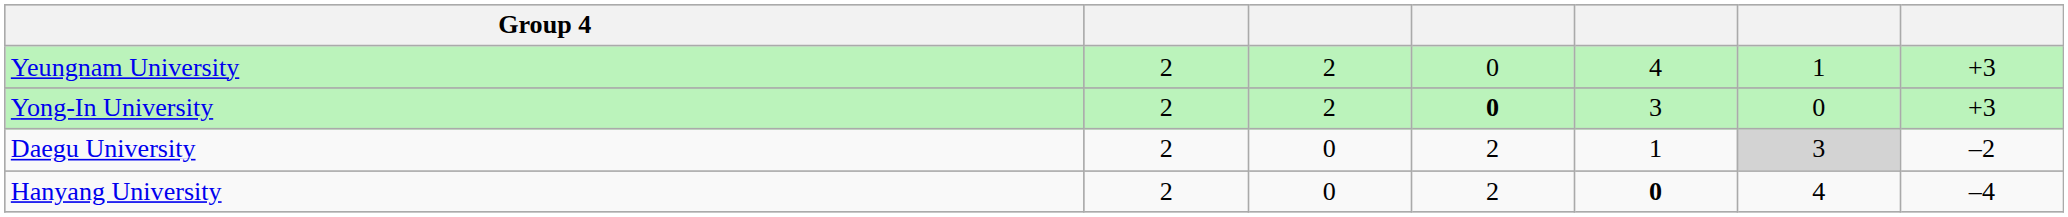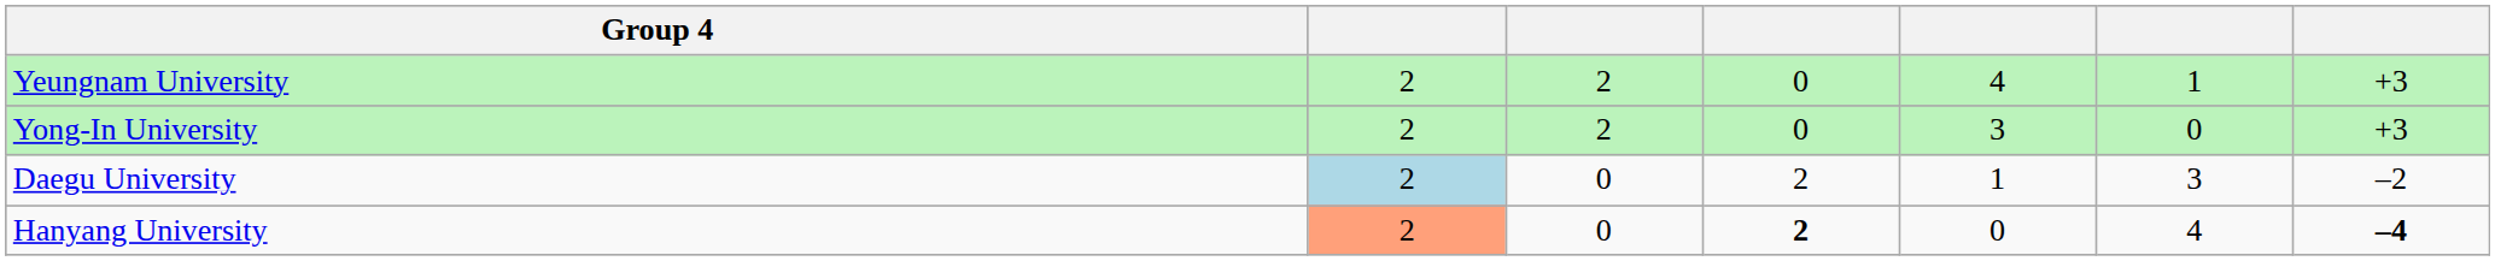 <table class="wikitable" style="text-align:center; width:100%;">
 <tr>
 <th width=240>Group 4</th>
 <th width=30></th>
 <th width=30></th>
 <th width=30></th>
 <th width=30></th>
 <th width=30></th>
 <th width=30></th>
 </tr>
 <tr bgcolor=#BBF3BB>
 <td align=left><a href='#'>Yeungnam University</a></td>
 <td>2</td>
 <td>2</td>
 <td>0</td>
 <td>4</td>
 <td>1</td>
 <td>+3</td>
 </tr>
 <tr bgcolor=#BBF3BB>
 <td align=left><a href='#'>Yong-In University</a></td>
 <td>2</td>
 <td>2</td>
-<td><strong>0</strong></td>
+<td>0</td>
 <td>3</td>
 <td>0</td>
 <td>+3</td>
 </tr>
 <tr>
 <td align=left><a href='#'>Daegu University</a></td>
-<td>2</td>
+<td style="background: lightblue;">2</td>
 <td>0</td>
 <td>2</td>
 <td>1</td>
-<td style="background: lightgrey;">3</td>
+<td>3</td>
 <td>–2</td>
 </tr>
 <tr>
 <td align=left><a href='#'>Hanyang University</a></td>
-<td>2</td>
+<td style="background: lightsalmon;">2</td>
 <td>0</td>
-<td>2</td>
-<td><strong>0</strong></td>
+<td><strong>2</strong></td>
+<td>0</td>
 <td>4</td>
-<td>–4</td>
+<td><strong>–4</strong></td>
 </tr>
 </table>
